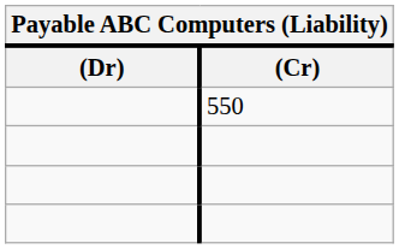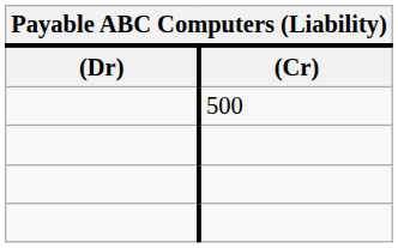 <table class="wikitable">
 <tr>
 <th style="border-bottom:3px solid black" colspan="2">Payable ABC Computers (Liability)</th>
 </tr>
 <tr>
 <th style="border-right:3px solid black">(Dr)</th>
 <th>(Cr)</th>
 </tr>
 <tr>
 <td style="border-right:3px solid black"> </td>
-<td>550</td>
+<td>500</td>
 </tr>
 <tr>
 <td style="border-right:3px solid black"> </td>
 <td> </td>
 </tr>
 <tr>
 <td style="border-right:3px solid black"> </td>
 <td> </td>
 </tr>
 <tr>
 <td style="border-right:3px solid black"> </td>
 <td> </td>
 </tr>
 </table>
